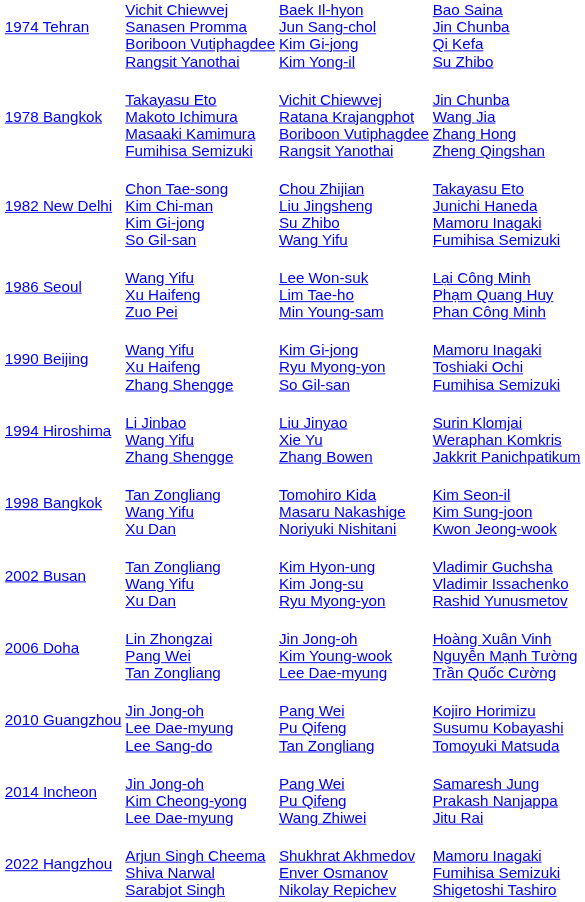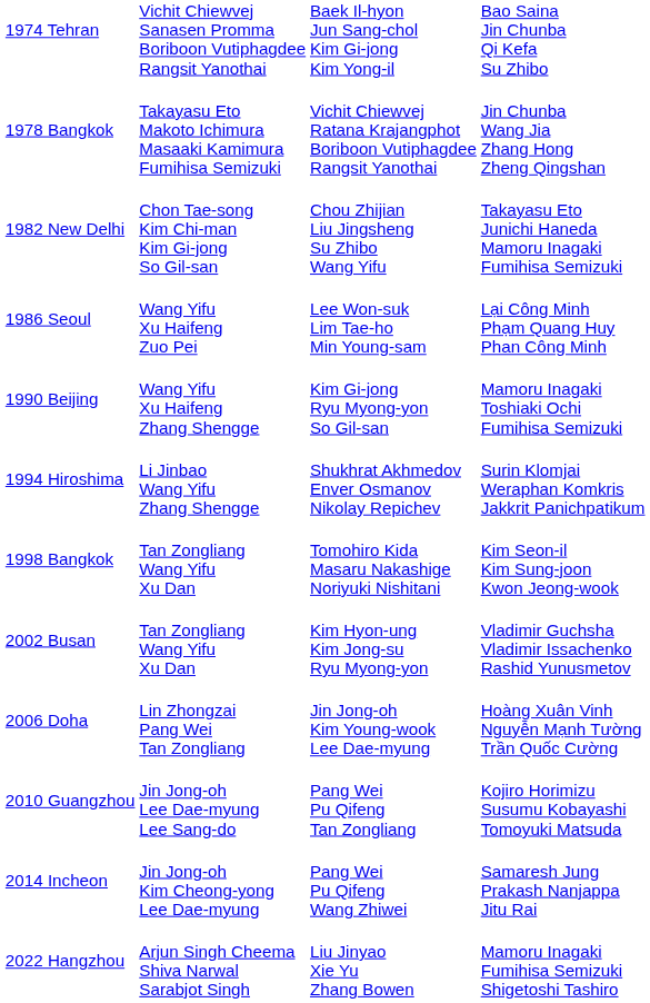 <table>
 <tr>
 <td><a href='#'>1974 Tehran</a></td>
 <td><br><a href='#'>Vichit Chiewvej</a><br><a href='#'>Sanasen Promma</a><br><a href='#'>Boriboon Vutiphagdee</a><br><a href='#'>Rangsit Yanothai</a></td>
 <td><br><a href='#'>Baek Il-hyon</a><br><a href='#'>Jun Sang-chol</a><br><a href='#'>Kim Gi-jong</a><br><a href='#'>Kim Yong-il</a></td>
 <td><br><a href='#'>Bao Saina</a><br><a href='#'>Jin Chunba</a><br><a href='#'>Qi Kefa</a><br><a href='#'>Su Zhibo</a></td>
 </tr>
 <tr>
 <td><a href='#'>1978 Bangkok</a></td>
 <td><br><a href='#'>Takayasu Eto</a><br><a href='#'>Makoto Ichimura</a><br><a href='#'>Masaaki Kamimura</a><br><a href='#'>Fumihisa Semizuki</a></td>
 <td><br><a href='#'>Vichit Chiewvej</a><br><a href='#'>Ratana Krajangphot</a><br><a href='#'>Boriboon Vutiphagdee</a><br><a href='#'>Rangsit Yanothai</a></td>
 <td><br><a href='#'>Jin Chunba</a><br><a href='#'>Wang Jia</a><br><a href='#'>Zhang Hong</a><br><a href='#'>Zheng Qingshan</a></td>
 </tr>
 <tr>
 <td><a href='#'>1982 New Delhi</a></td>
 <td><br><a href='#'>Chon Tae-song</a><br><a href='#'>Kim Chi-man</a><br><a href='#'>Kim Gi-jong</a><br><a href='#'>So Gil-san</a></td>
 <td><br><a href='#'>Chou Zhijian</a><br><a href='#'>Liu Jingsheng</a><br><a href='#'>Su Zhibo</a><br><a href='#'>Wang Yifu</a></td>
 <td><br><a href='#'>Takayasu Eto</a><br><a href='#'>Junichi Haneda</a><br><a href='#'>Mamoru Inagaki</a><br><a href='#'>Fumihisa Semizuki</a></td>
 </tr>
 <tr>
 <td><a href='#'>1986 Seoul</a></td>
 <td><br><a href='#'>Wang Yifu</a><br><a href='#'>Xu Haifeng</a><br><a href='#'>Zuo Pei</a></td>
 <td><br><a href='#'>Lee Won-suk</a><br><a href='#'>Lim Tae-ho</a><br><a href='#'>Min Young-sam</a></td>
 <td><br><a href='#'>Lại Công Minh</a><br><a href='#'>Phạm Quang Huy</a><br><a href='#'>Phan Công Minh</a></td>
 </tr>
 <tr>
 <td><a href='#'>1990 Beijing</a></td>
 <td><br><a href='#'>Wang Yifu</a><br><a href='#'>Xu Haifeng</a><br><a href='#'>Zhang Shengge</a></td>
 <td><br><a href='#'>Kim Gi-jong</a><br><a href='#'>Ryu Myong-yon</a><br><a href='#'>So Gil-san</a></td>
 <td><br><a href='#'>Mamoru Inagaki</a><br><a href='#'>Toshiaki Ochi</a><br><a href='#'>Fumihisa Semizuki</a></td>
 </tr>
 <tr>
 <td><a href='#'>1994 Hiroshima</a></td>
 <td><br><a href='#'>Li Jinbao</a><br><a href='#'>Wang Yifu</a><br><a href='#'>Zhang Shengge</a></td>
-<td><br><a href='#'>Liu Jinyao</a><br><a href='#'>Xie Yu</a><br><a href='#'>Zhang Bowen</a></td>
+<td><br><a href='#'>Shukhrat Akhmedov</a><br><a href='#'>Enver Osmanov</a><br><a href='#'>Nikolay Repichev</a></td>
 <td><br><a href='#'>Surin Klomjai</a><br><a href='#'>Weraphan Komkris</a><br><a href='#'>Jakkrit Panichpatikum</a></td>
 </tr>
 <tr>
 <td><a href='#'>1998 Bangkok</a></td>
 <td><br><a href='#'>Tan Zongliang</a><br><a href='#'>Wang Yifu</a><br><a href='#'>Xu Dan</a></td>
 <td><br><a href='#'>Tomohiro Kida</a><br><a href='#'>Masaru Nakashige</a><br><a href='#'>Noriyuki Nishitani</a></td>
 <td><br><a href='#'>Kim Seon-il</a><br><a href='#'>Kim Sung-joon</a><br><a href='#'>Kwon Jeong-wook</a></td>
 </tr>
 <tr>
 <td><a href='#'>2002 Busan</a></td>
 <td><br><a href='#'>Tan Zongliang</a><br><a href='#'>Wang Yifu</a><br><a href='#'>Xu Dan</a></td>
 <td><br><a href='#'>Kim Hyon-ung</a><br><a href='#'>Kim Jong-su</a><br><a href='#'>Ryu Myong-yon</a></td>
 <td><br><a href='#'>Vladimir Guchsha</a><br><a href='#'>Vladimir Issachenko</a><br><a href='#'>Rashid Yunusmetov</a></td>
 </tr>
 <tr>
 <td><a href='#'>2006 Doha</a></td>
 <td><br><a href='#'>Lin Zhongzai</a><br><a href='#'>Pang Wei</a><br><a href='#'>Tan Zongliang</a></td>
 <td><br><a href='#'>Jin Jong-oh</a><br><a href='#'>Kim Young-wook</a><br><a href='#'>Lee Dae-myung</a></td>
 <td><br><a href='#'>Hoàng Xuân Vinh</a><br><a href='#'>Nguyễn Mạnh Tường</a><br><a href='#'>Trần Quốc Cường</a></td>
 </tr>
 <tr>
 <td><a href='#'>2010 Guangzhou</a></td>
 <td><br><a href='#'>Jin Jong-oh</a><br><a href='#'>Lee Dae-myung</a><br><a href='#'>Lee Sang-do</a></td>
 <td><br><a href='#'>Pang Wei</a><br><a href='#'>Pu Qifeng</a><br><a href='#'>Tan Zongliang</a></td>
 <td><br><a href='#'>Kojiro Horimizu</a><br><a href='#'>Susumu Kobayashi</a><br><a href='#'>Tomoyuki Matsuda</a></td>
 </tr>
 <tr>
 <td><a href='#'>2014 Incheon</a></td>
 <td><br><a href='#'>Jin Jong-oh</a><br><a href='#'>Kim Cheong-yong</a><br><a href='#'>Lee Dae-myung</a></td>
 <td><br><a href='#'>Pang Wei</a><br><a href='#'>Pu Qifeng</a><br><a href='#'>Wang Zhiwei</a></td>
 <td><br><a href='#'>Samaresh Jung</a><br><a href='#'>Prakash Nanjappa</a><br><a href='#'>Jitu Rai</a></td>
 </tr>
 <tr>
 <td><a href='#'>2022 Hangzhou</a></td>
 <td><br><a href='#'>Arjun Singh Cheema</a><br><a href='#'>Shiva Narwal</a><br><a href='#'>Sarabjot Singh</a></td>
-<td><br><a href='#'>Shukhrat Akhmedov</a><br><a href='#'>Enver Osmanov</a><br><a href='#'>Nikolay Repichev</a></td>
+<td><br><a href='#'>Liu Jinyao</a><br><a href='#'>Xie Yu</a><br><a href='#'>Zhang Bowen</a></td>
 <td><br><a href='#'>Mamoru Inagaki</a><br><a href='#'>Fumihisa Semizuki</a><br><a href='#'>Shigetoshi Tashiro</a></td>
 </tr>
 </table>
